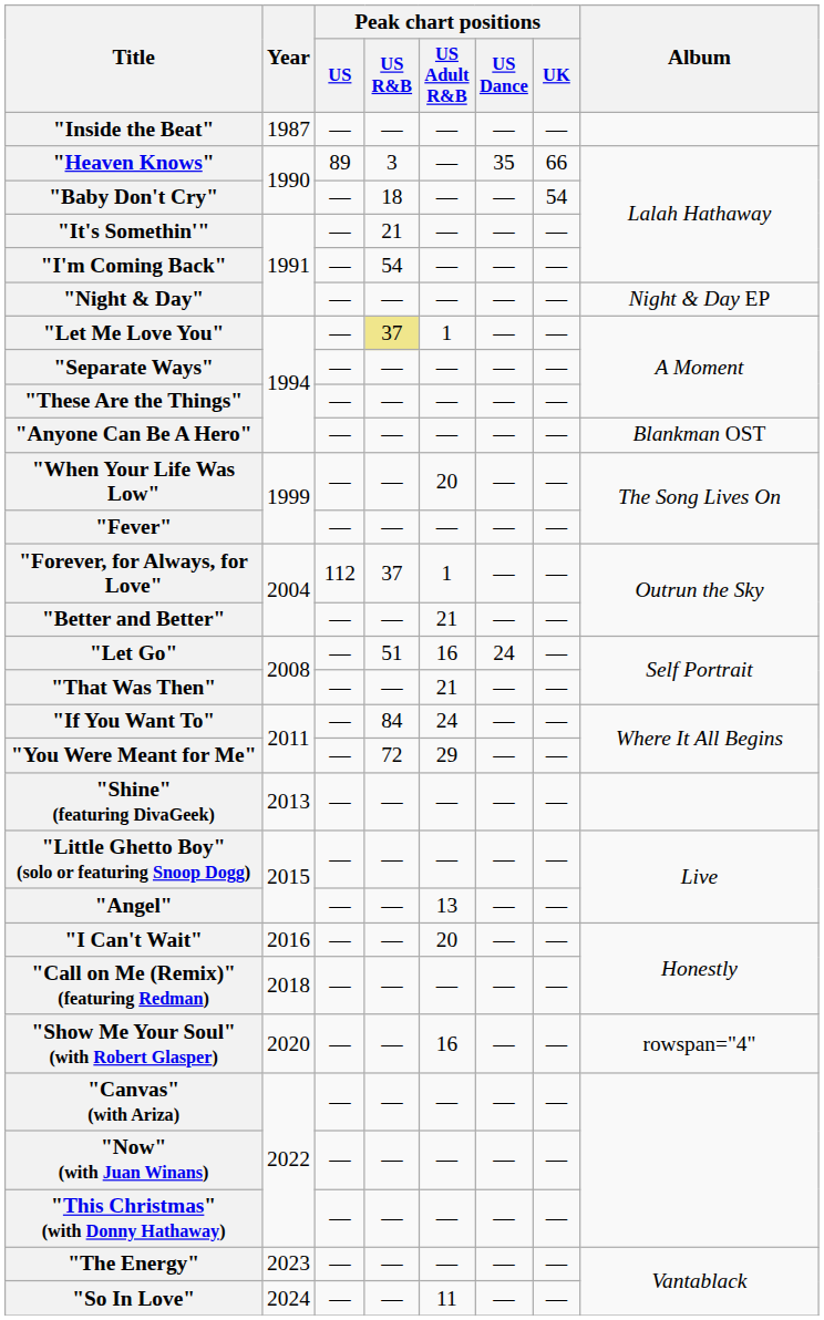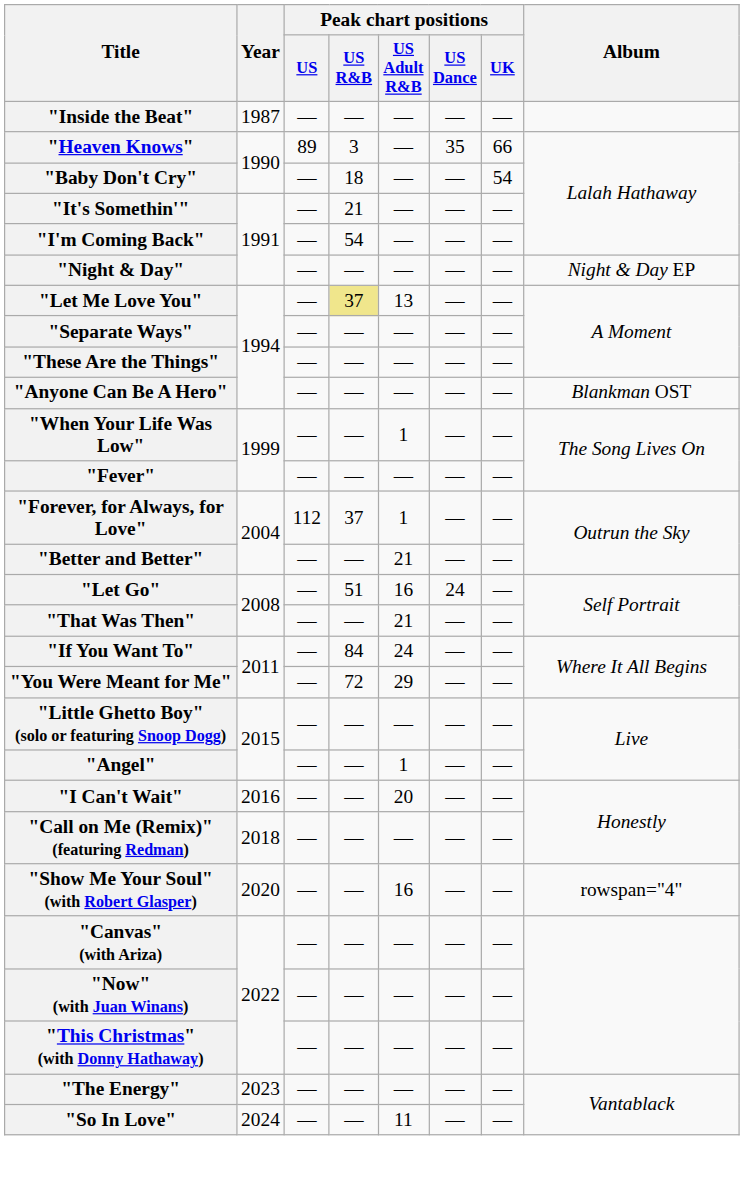 <table class="wikitable plainrowheaders" style="text-align: center;" border="1">
 <tr>
 <th scope="col" rowspan="2" style="width:18em;">Title</th>
 <th scope="col" rowspan="2" style="width:1em;">Year</th>
 <th scope="col" colspan="5">Peak chart positions</th>
 <th scope="col" rowspan="2" style="width:16em;">Album</th>
 </tr>
 <tr>
 <th scope="col" style="width:2.75em;font-size:85%;"><a href='#'>US</a> <br> </th>
 <th scope="col" style="width:2.75em;font-size:85%;"><a href='#'>US <br> R&B</a> <br> </th>
 <th scope="col" style="width:2.75em;font-size:85%;"><a href='#'>US <br>Adult R&B</a> <br> </th>
 <th scope="col" style="width:2.75em;font-size:85%;"><a href='#'>US <br>Dance</a></th>
 <th scope="col" style="width:2.75em;font-size:85%;"><a href='#'>UK</a><br></th>
 </tr>
 <tr>
 <th scope="row">"Inside the Beat"</th>
 <td>1987</td>
 <td style="text-align:center;">—</td>
 <td style="text-align:center;">—</td>
 <td style="text-align:center;">—</td>
 <td style="text-align:center;">—</td>
 <td style="text-align:center;">—</td>
 <td></td>
 </tr>
 <tr>
 <th scope="row">"<a href='#'>Heaven Knows</a>"</th>
 <td style="text-align:center;" rowspan="2">1990</td>
 <td style="text-align:center;">89</td>
 <td style="text-align:center;">3</td>
 <td style="text-align:center;">—</td>
 <td style="text-align:center;">35</td>
 <td style="text-align:center;">66</td>
 <td rowspan="4"><em>Lalah Hathaway</em></td>
 </tr>
 <tr>
 <th scope="row">"Baby Don't Cry"</th>
 <td style="text-align:center;">—</td>
 <td style="text-align:center;">18</td>
 <td style="text-align:center;">—</td>
 <td style="text-align:center;">—</td>
 <td style="text-align:center;">54</td>
 </tr>
 <tr>
 <th scope="row">"It's Somethin'"</th>
 <td style="text-align:center;" rowspan="3">1991</td>
 <td style="text-align:center;">—</td>
 <td style="text-align:center;">21</td>
 <td style="text-align:center;">—</td>
 <td style="text-align:center;">—</td>
 <td style="text-align:center;">—</td>
 </tr>
 <tr>
 <th scope="row">"I'm Coming Back"</th>
 <td style="text-align:center;">—</td>
 <td style="text-align:center;">54</td>
 <td style="text-align:center;">—</td>
 <td style="text-align:center;">—</td>
 <td style="text-align:center;">—</td>
 </tr>
 <tr>
 <th scope="row">"Night & Day"</th>
 <td style="text-align:center;">—</td>
 <td style="text-align:center;">—</td>
 <td style="text-align:center;">—</td>
 <td style="text-align:center;">—</td>
 <td style="text-align:center;">—</td>
 <td align=><em>Night & Day</em> EP</td>
 </tr>
 <tr>
 <th scope="row">"Let Me Love You"</th>
 <td style="text-align:center;" rowspan="4">1994</td>
 <td style="text-align:center;">—</td>
 <td style="background: khaki; text-align:center;">37</td>
-<td style="text-align:center;">1</td>
+<td style="text-align:center;">13</td>
 <td style="text-align:center;">—</td>
 <td style="text-align:center;">—</td>
 <td rowspan="3"><em>A Moment</em></td>
 </tr>
 <tr>
 <th scope="row">"Separate Ways"</th>
 <td style="text-align:center;">—</td>
 <td style="text-align:center;">—</td>
 <td style="text-align:center;">—</td>
 <td style="text-align:center;">—</td>
 <td style="text-align:center;">—</td>
 </tr>
 <tr>
 <th scope="row">"These Are the Things"</th>
 <td style="text-align:center;">—</td>
 <td style="text-align:center;">—</td>
 <td style="text-align:center;">—</td>
 <td style="text-align:center;">—</td>
 <td style="text-align:center;">—</td>
 </tr>
 <tr>
 <th scope="row">"Anyone Can Be A Hero"</th>
 <td style="text-align:center;">—</td>
 <td style="text-align:center;">—</td>
 <td style="text-align:center;">—</td>
 <td style="text-align:center;">—</td>
 <td style="text-align:center;">—</td>
 <td align=><em>Blankman</em> OST</td>
 </tr>
 <tr>
 <th scope="row">"When Your Life Was Low"</th>
 <td style="text-align:center;" rowspan="2">1999</td>
 <td style="text-align:center;">—</td>
 <td style="text-align:center;">—</td>
-<td style="text-align:center;">20</td>
+<td style="text-align:center;">1</td>
 <td style="text-align:center;">—</td>
 <td style="text-align:center;">—</td>
 <td rowspan="2"><em>The Song Lives On</em></td>
 </tr>
 <tr>
 <th scope="row">"Fever"</th>
 <td style="text-align:center;">—</td>
 <td style="text-align:center;">—</td>
 <td style="text-align:center;">—</td>
 <td style="text-align:center;">—</td>
 <td style="text-align:center;">—</td>
 </tr>
 <tr>
 <th scope="row">"Forever, for Always, for Love"</th>
 <td style="text-align:center;" rowspan="2">2004</td>
 <td style="text-align:center;">112</td>
 <td style="text-align:center;">37</td>
 <td style="text-align:center;">1</td>
 <td style="text-align:center;">—</td>
 <td style="text-align:center;">—</td>
 <td rowspan="2"><em>Outrun the Sky</em></td>
 </tr>
 <tr>
 <th scope="row">"Better and Better"</th>
 <td style="text-align:center;">—</td>
 <td style="text-align:center;">—</td>
 <td style="text-align:center;">21</td>
 <td style="text-align:center;">—</td>
 <td style="text-align:center;">—</td>
 </tr>
 <tr>
 <th scope="row">"Let Go"</th>
 <td style="text-align:center;" rowspan="2">2008</td>
 <td style="text-align:center;">—</td>
 <td style="text-align:center;">51</td>
 <td style="text-align:center;">16</td>
 <td style="text-align:center;">24</td>
 <td style="text-align:center;">—</td>
 <td rowspan="2"><em>Self Portrait</em></td>
 </tr>
 <tr>
 <th scope="row">"That Was Then"</th>
 <td style="text-align:center;">—</td>
 <td style="text-align:center;">—</td>
 <td style="text-align:center;">21</td>
 <td style="text-align:center;">—</td>
 <td style="text-align:center;">—</td>
 </tr>
 <tr>
 <th scope="row">"If You Want To"</th>
 <td style="text-align:center;" rowspan="2">2011</td>
 <td style="text-align:center;">—</td>
 <td style="text-align:center;">84</td>
 <td style="text-align:center;">24</td>
 <td style="text-align:center;">—</td>
 <td style="text-align:center;">—</td>
 <td rowspan="2"><em>Where It All Begins</em></td>
 </tr>
 <tr>
 <th scope="row">"You Were Meant for Me"</th>
 <td style="text-align:center;">—</td>
 <td style="text-align:center;">72</td>
 <td style="text-align:center;">29</td>
 <td style="text-align:center;">—</td>
 <td style="text-align:center;">—</td>
 </tr>
 <tr>
-<th scope="row">"Shine" <br><small>(featuring DivaGeek)</small></th>
-<td style="text-align:center;">2013</td>
-<td style="text-align:center;">—</td>
-<td style="text-align:center;">—</td>
-<td style="text-align:center;">—</td>
-<td style="text-align:center;">—</td>
-<td style="text-align:center;">—</td>
-<td></td>
-</tr>
-<tr>
 <th scope="row">"Little Ghetto Boy" <br><small>(solo or featuring <a href='#'>Snoop Dogg</a>)</small></th>
 <td style="text-align:center;" rowspan="2">2015</td>
 <td style="text-align:center;">—</td>
 <td style="text-align:center;">—</td>
 <td style="text-align:center;">—</td>
 <td style="text-align:center;">—</td>
 <td style="text-align:center;">—</td>
 <td rowspan="2"><em>Live</em></td>
 </tr>
 <tr>
 <th scope="row">"Angel"</th>
 <td style="text-align:center;">—</td>
 <td style="text-align:center;">—</td>
-<td style="text-align:center;">13</td>
+<td style="text-align:center;">1</td>
 <td style="text-align:center;">—</td>
 <td style="text-align:center;">—</td>
 </tr>
 <tr>
 <th scope="row">"I Can't Wait"</th>
 <td style="text-align:center;">2016</td>
 <td style="text-align:center;">—</td>
 <td style="text-align:center;">—</td>
 <td style="text-align:center;">20</td>
 <td style="text-align:center;">—</td>
 <td style="text-align:center;">—</td>
 <td rowspan="2"><em>Honestly</em></td>
 </tr>
 <tr>
 <th scope="row">"Call on Me (Remix)" <br><small>(featuring <a href='#'>Redman</a>)</small></th>
 <td style="text-align:center;">2018</td>
 <td style="text-align:center;">—</td>
 <td style="text-align:center;">—</td>
 <td style="text-align:center;">—</td>
 <td style="text-align:center;">—</td>
 <td style="text-align:center;">—</td>
 </tr>
 <tr>
 <th scope="row">"Show Me Your Soul" <br><small>(with <a href='#'>Robert Glasper</a>)</small></th>
 <td style="text-align:center;">2020</td>
 <td style="text-align:center;">—</td>
 <td style="text-align:center;">—</td>
 <td style="text-align:center;">16</td>
 <td style="text-align:center;">—</td>
 <td style="text-align:center;">—</td>
 <td>rowspan="4" </td>
 </tr>
 <tr>
 <th scope="row">"Canvas" <br><small>(with Ariza)</small></th>
 <td style="text-align:center;" rowspan="3">2022</td>
 <td style="text-align:center;">—</td>
 <td style="text-align:center;">—</td>
 <td style="text-align:center;">—</td>
 <td style="text-align:center;">—</td>
 <td style="text-align:center;">—</td>
 </tr>
 <tr>
 <th scope="row">"Now" <br><small>(with <a href='#'>Juan Winans</a>)</small></th>
 <td style="text-align:center;">—</td>
 <td style="text-align:center;">—</td>
 <td style="text-align:center;">—</td>
 <td style="text-align:center;">—</td>
 <td style="text-align:center;">—</td>
 </tr>
 <tr>
 <th scope="row">"<a href='#'>This Christmas</a>"<br><small>(with <a href='#'>Donny Hathaway</a>)</small></th>
 <td style="text-align:center;">—</td>
 <td style="text-align:center;">—</td>
 <td style="text-align:center;">—</td>
 <td style="text-align:center;">—</td>
 <td style="text-align:center;">—</td>
 </tr>
 <tr>
 <th scope="row">"The Energy"</th>
 <td style="text-align:center;">2023</td>
 <td style="text-align:center;">—</td>
 <td style="text-align:center;">—</td>
 <td style="text-align:center;">—</td>
 <td style="text-align:center;">—</td>
 <td style="text-align:center;">—</td>
 <td rowspan="2"><em>Vantablack</em></td>
 </tr>
 <tr>
 <th scope="row">"So In Love"</th>
 <td style="text-align:center;">2024</td>
 <td style="text-align:center;">—</td>
 <td style="text-align:center;">—</td>
 <td style="text-align:center;">11</td>
 <td style="text-align:center;">—</td>
 <td style="text-align:center;">—</td>
 </tr>
 </table>
